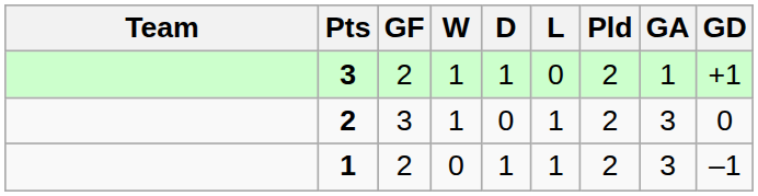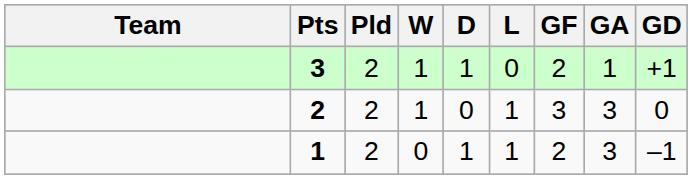 <table class=wikitable style="text-align:center">
 <tr>
 <th width=165>Team</th>
 <th width=20>Pts</th>
-<th width=20>GF</th>
+<th width=20>Pld</th>
 <th width=20>W</th>
 <th width=20>D</th>
 <th width=20>L</th>
-<th width=20>Pld</th>
+<th width=20>GF</th>
 <th width=20>GA</th>
 <th width=20>GD</th>
 </tr>
 <tr align=center style="background:#ccffcc;">
 <td style="text-align:left;"></td>
 <td><strong>3</strong></td>
 <td>2</td>
 <td>1</td>
 <td>1</td>
 <td>0</td>
 <td>2</td>
 <td>1</td>
 <td>+1</td>
 </tr>
 <tr align=center>
 <td style="text-align:left;"></td>
 <td><strong>2</strong></td>
-<td>3</td>
+<td>2</td>
 <td>1</td>
 <td>0</td>
 <td>1</td>
-<td>2</td>
+<td>3</td>
 <td>3</td>
 <td>0</td>
 </tr>
 <tr align=center>
 <td style="text-align:left;"></td>
 <td><strong>1</strong></td>
 <td>2</td>
 <td>0</td>
 <td>1</td>
 <td>1</td>
 <td>2</td>
 <td>3</td>
 <td>–1</td>
 </tr>
 </table>
